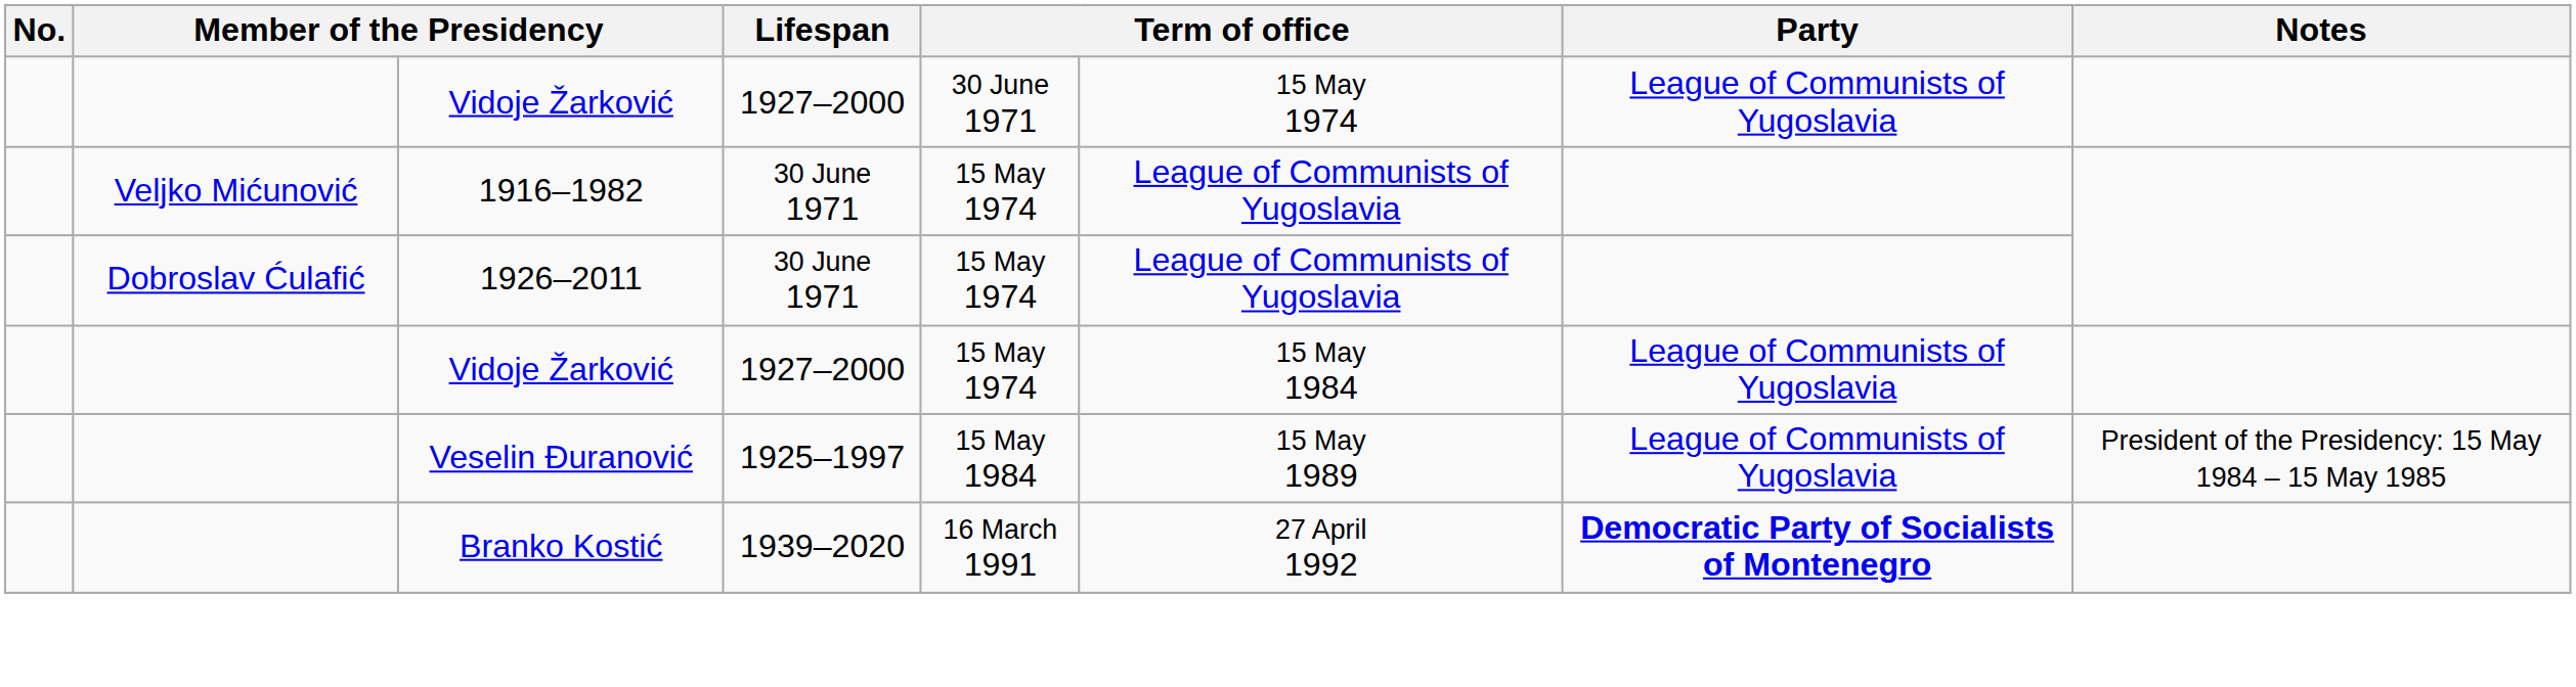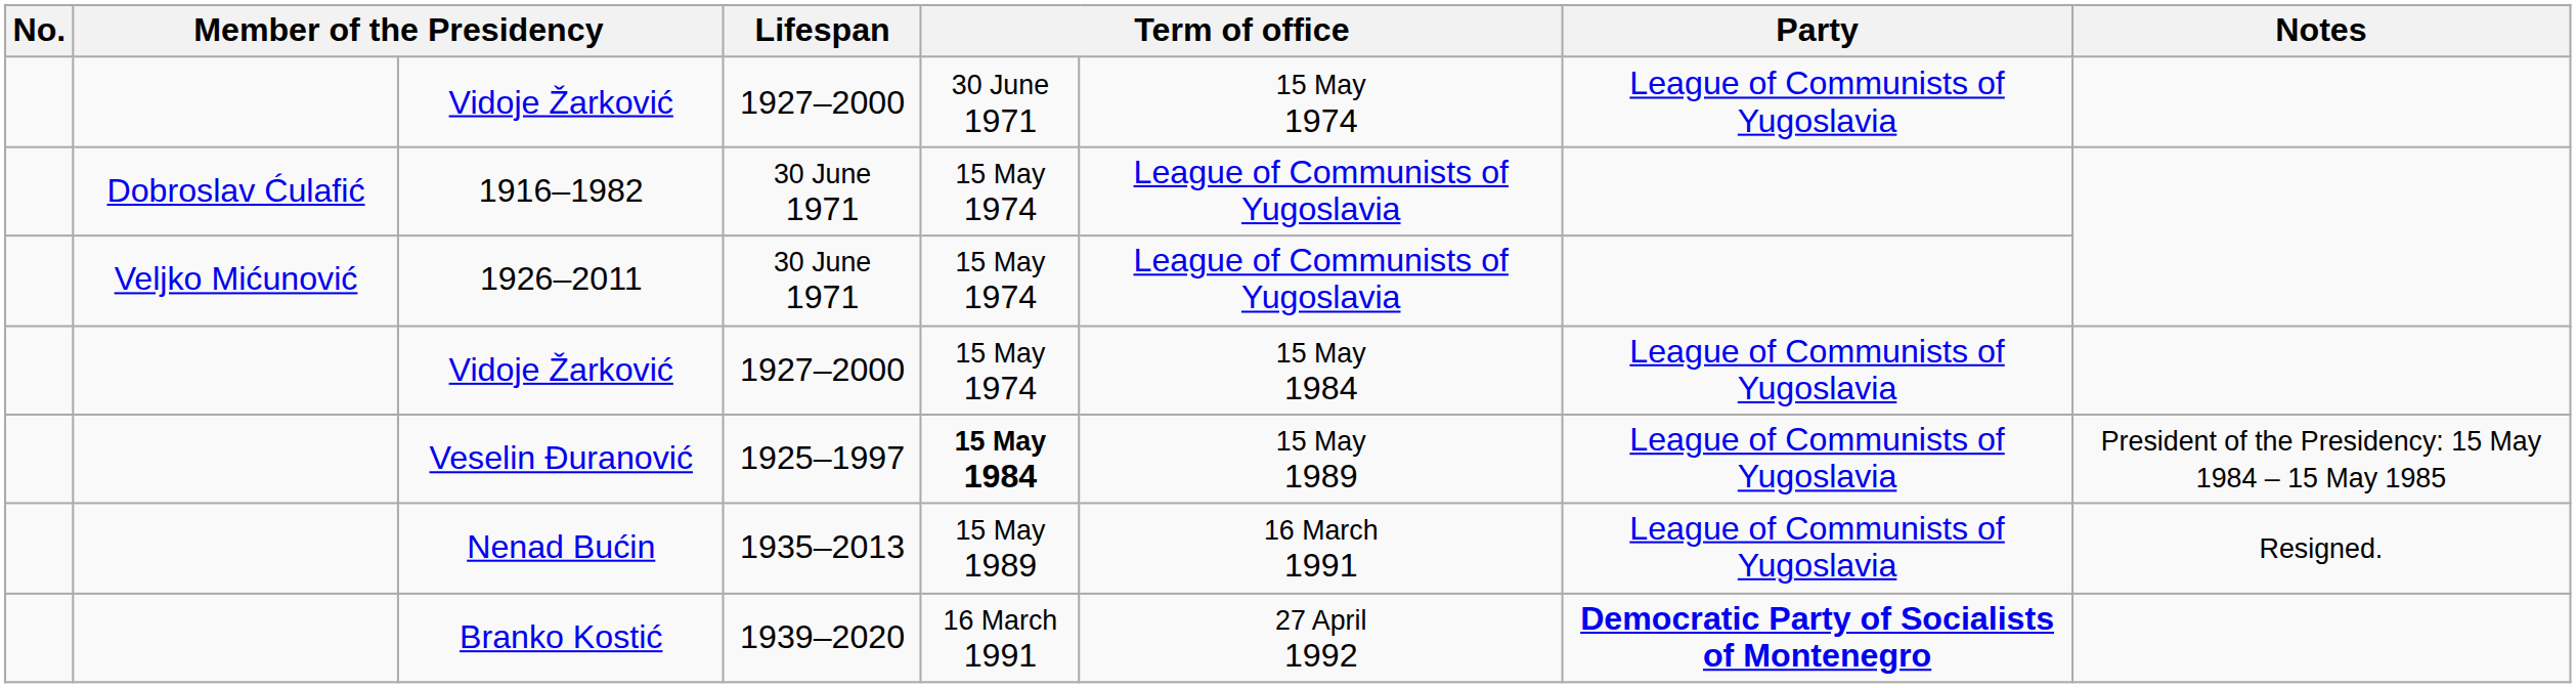 <table class="wikitable" style="text-align:center">
 <tr>
 <th>No.</th>
 <th colspan="2">Member of the Presidency</th>
 <th>Lifespan</th>
 <th colspan="2">Term of office</th>
 <th>Party</th>
 <th>Notes</th>
 </tr>
 <tr>
 <td style="background: "></td>
 <td style="width:1em;"></td>
 <td style="width:11em;"><a href='#'>Vidoje Žarković</a></td>
 <td style="width:6em;">1927–2000</td>
 <td style="width:5em;"><small>30 June</small><br>1971</td>
 <td style="width:5em;"><small>15 May</small><br>1974</td>
 <td style="width:17em;"><a href='#'>League of Communists of Yugoslavia</a></td>
 <td style="width:18em;"><small></small></td>
 </tr>
 <tr>
 <td style="width:1em;"></td>
-<td style="width:11em;"><a href='#'>Veljko Mićunović</a></td>
+<td style="width:11em;"><a href='#'>Dobroslav Ćulafić</a></td>
 <td style="width:6em;">1916–1982</td>
 <td style="width:5em;"><small>30 June</small><br>1971</td>
 <td style="width:5em;"><small>15 May</small><br>1974</td>
 <td style="width:17em;"><a href='#'>League of Communists of Yugoslavia</a></td>
 <td style="width:18em;"><small></small></td>
 </tr>
 <tr>
 <td style="width:1em;"></td>
-<td style="width:11em;"><a href='#'>Dobroslav Ćulafić</a></td>
+<td style="width:11em;"><a href='#'>Veljko Mićunović</a></td>
 <td style="width:6em;">1926–2011</td>
 <td style="width:5em;"><small>30 June</small><br>1971</td>
 <td style="width:5em;"><small>15 May</small><br>1974</td>
 <td style="width:17em;"><a href='#'>League of Communists of Yugoslavia</a></td>
 <td style="width:18em;"><small></small></td>
 </tr>
 <tr>
 <td style="background: "></td>
 <td style="width:1em;"></td>
 <td style="width:11em;"><a href='#'>Vidoje Žarković</a></td>
 <td style="width:6em;">1927–2000</td>
 <td style="width:5em;"><small>15 May</small><br>1974</td>
 <td style="width:5em;"><small>15 May</small><br>1984</td>
 <td style="width:17em;"><a href='#'>League of Communists of Yugoslavia</a></td>
 <td style="width:18em;"><small></small></td>
 </tr>
 <tr>
 <td style="background: "></td>
 <td style="width:1em;"></td>
 <td style="width:11em;"><a href='#'>Veselin Đuranović</a></td>
 <td style="width:6em;">1925–1997</td>
-<td style="width:5em;"><small>15 May</small><br>1984</td>
+<td style="width:5em;"><strong><small>15 May</small><br>1984</strong></td>
 <td style="width:5em;"><small>15 May</small><br>1989</td>
 <td style="width:17em;"><a href='#'>League of Communists of Yugoslavia</a></td>
 <td style="width:18em;"><small>President of the Presidency: 15 May 1984 – 15 May 1985</small></td>
+</tr>
+<tr>
+<td style="background: "></td>
+<td style="width:1em;"></td>
+<td style="width:11em;"><a href='#'>Nenad Bućin</a></td>
+<td style="width:6em;">1935–2013</td>
+<td style="width:5em;"><small>15 May</small><br>1989</td>
+<td style="width:5em;"><small>16 March</small><br>1991</td>
+<td style="width:17em;"><a href='#'>League of Communists of Yugoslavia</a></td>
+<td style="width:18em;"><small>Resigned.</small></td>
 </tr>
 <tr>
 <td style="background: "></td>
 <td style="width:1em;"></td>
 <td style="width:11em;"><a href='#'>Branko Kostić</a></td>
 <td style="width:6em;">1939–2020</td>
 <td style="width:5em;"><small>16 March</small><br>1991</td>
 <td style="width:5em;"><small>27 April</small><br>1992</td>
 <td style="width:17em;"><strong><a href='#'>Democratic Party of Socialists of Montenegro</a></strong></td>
 <td style="width:18em;"><small></small></td>
 </tr>
 </table>
